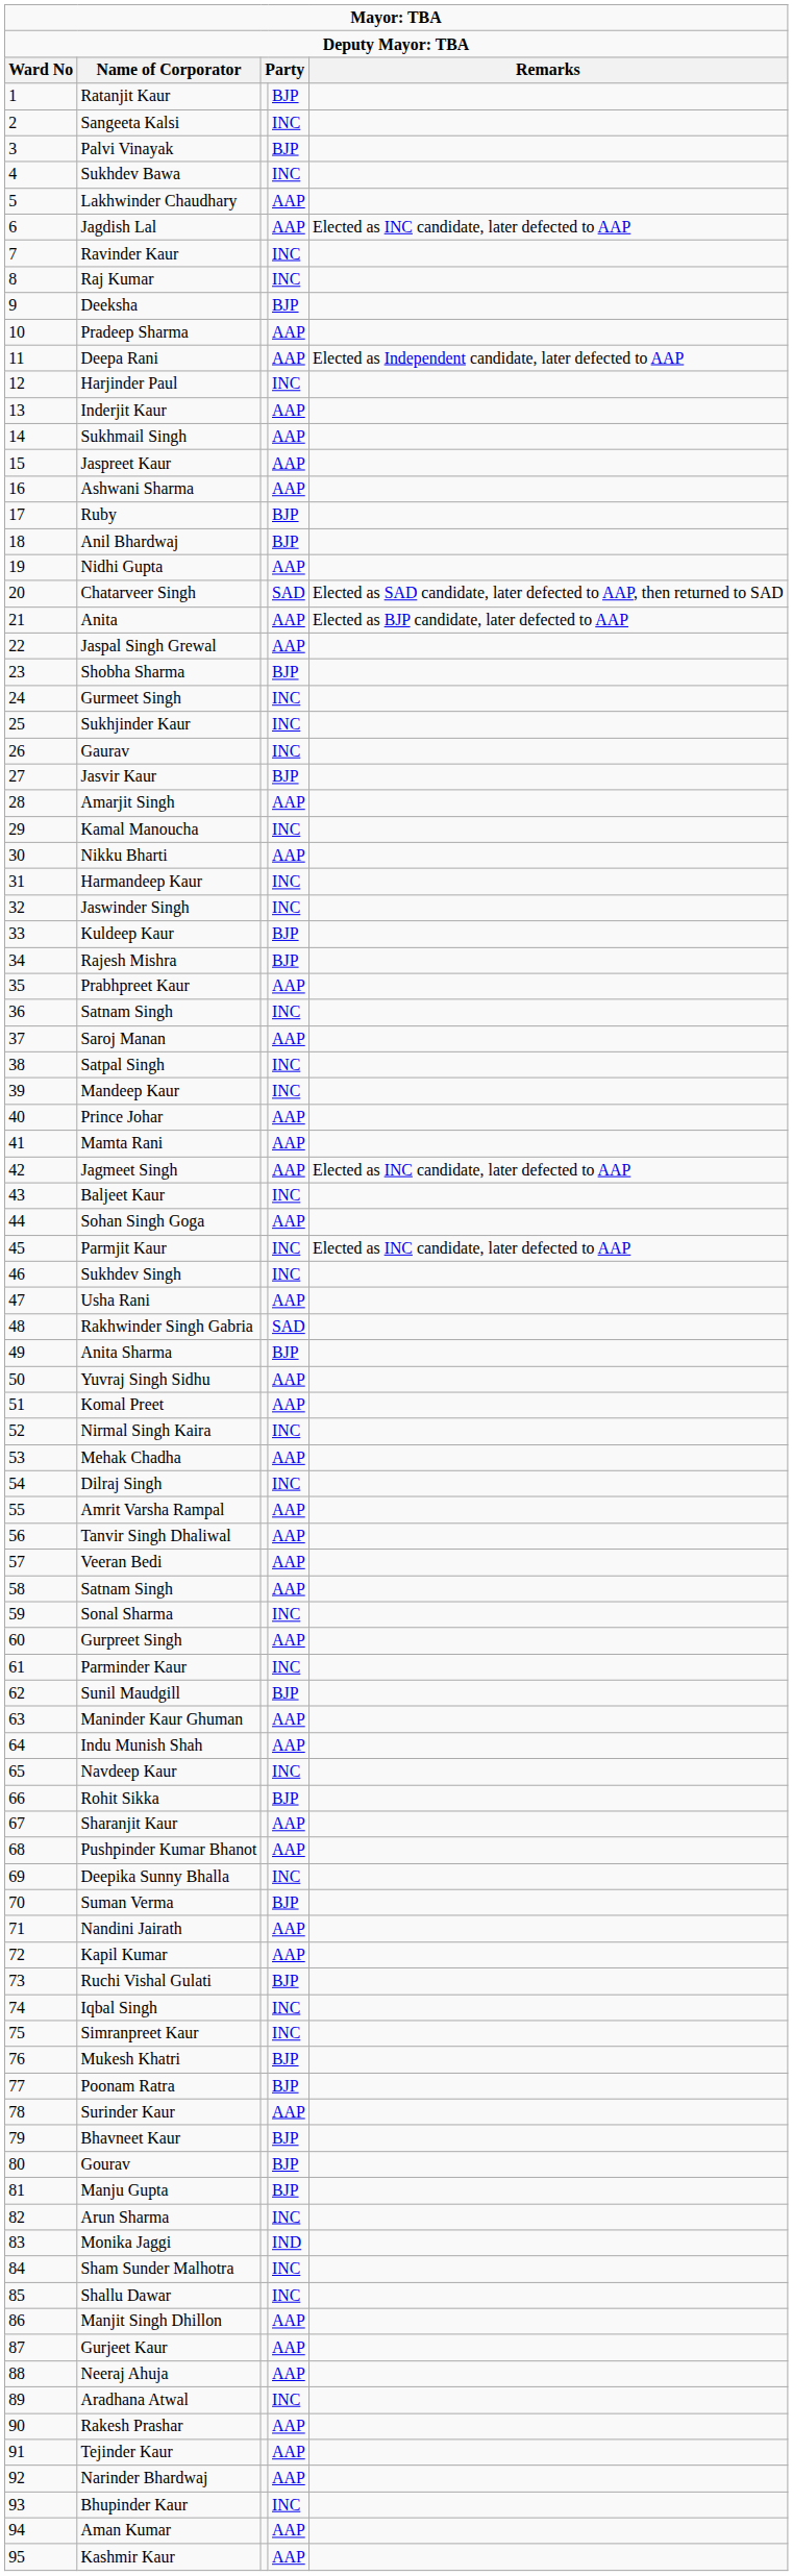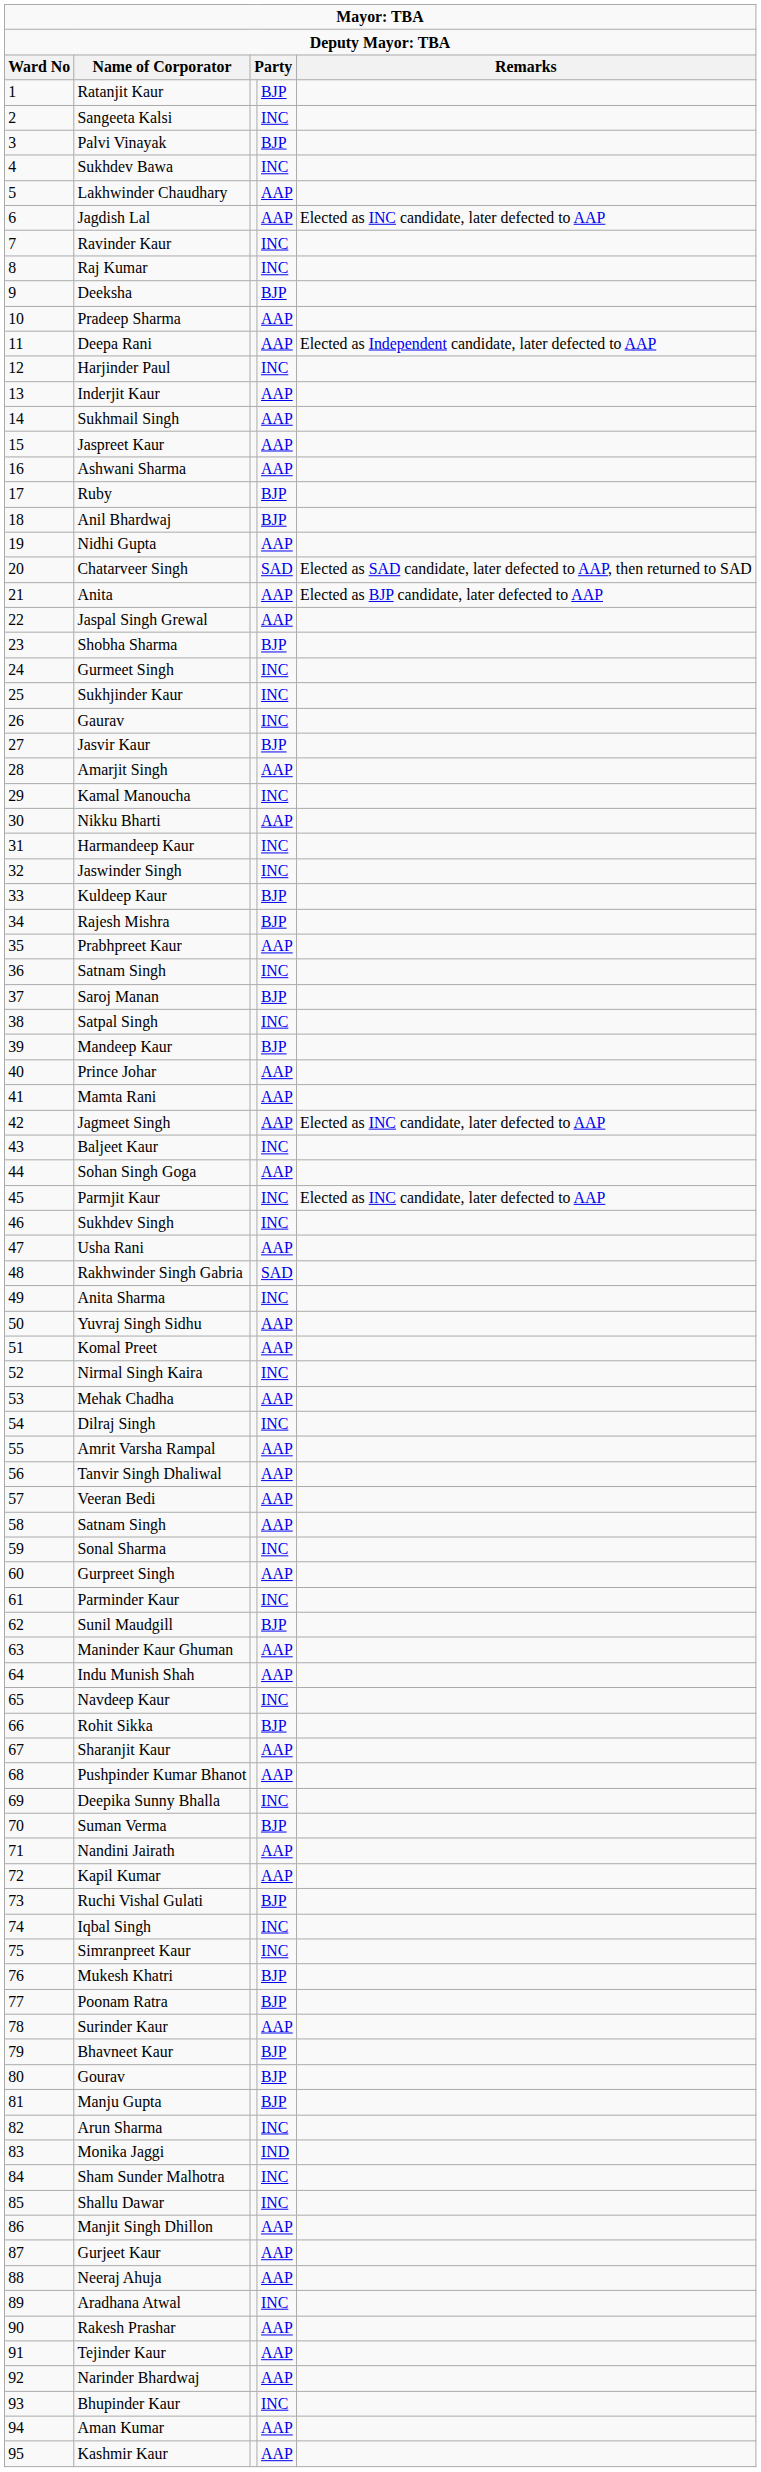 <table class="wikitable">
 <tr>
 <td colspan=6 align=center><span><strong>Mayor: TBA</strong></span></td>
 </tr>
 <tr>
 <td colspan=6 align=center><span><strong>Deputy Mayor: TBA</strong></span></td>
 </tr>
 <tr>
 <th>Ward No</th>
 <th>Name of Corporator</th>
 <th colspan="2">Party</th>
 <th>Remarks</th>
 </tr>
 <tr>
 <td>1</td>
 <td>Ratanjit Kaur</td>
 <td style="background-color: "></td>
 <td><a href='#'>BJP</a></td>
 <td></td>
 </tr>
 <tr>
 <td>2</td>
 <td>Sangeeta Kalsi</td>
 <td style="background-color: "></td>
 <td><a href='#'>INC</a></td>
 <td></td>
 </tr>
 <tr>
 <td>3</td>
 <td>Palvi Vinayak</td>
 <td style="background-color: "></td>
 <td><a href='#'>BJP</a></td>
 <td></td>
 </tr>
 <tr>
 <td>4</td>
 <td>Sukhdev Bawa</td>
 <td style="background-color: "></td>
 <td><a href='#'>INC</a></td>
 <td></td>
 </tr>
 <tr>
 <td>5</td>
 <td>Lakhwinder Chaudhary</td>
 <td style="background-color: "></td>
 <td><a href='#'>AAP</a></td>
 <td></td>
 </tr>
 <tr>
 <td>6</td>
 <td>Jagdish Lal</td>
 <td style="background-color: "></td>
 <td><a href='#'>AAP</a></td>
 <td>Elected as <a href='#'>INC</a> candidate, later defected to <a href='#'>AAP</a></td>
 </tr>
 <tr>
 <td>7</td>
 <td>Ravinder Kaur</td>
 <td style="background-color: "></td>
 <td><a href='#'>INC</a></td>
 <td></td>
 </tr>
 <tr>
 <td>8</td>
 <td>Raj Kumar</td>
 <td style="background-color: "></td>
 <td><a href='#'>INC</a></td>
 <td></td>
 </tr>
 <tr>
 <td>9</td>
 <td>Deeksha</td>
 <td style="background-color: "></td>
 <td><a href='#'>BJP</a></td>
 <td></td>
 </tr>
 <tr>
 <td>10</td>
 <td>Pradeep Sharma</td>
 <td style="background-color: "></td>
 <td><a href='#'>AAP</a></td>
 <td></td>
 </tr>
 <tr>
 <td>11</td>
 <td>Deepa Rani</td>
 <td style="background-color: "></td>
 <td><a href='#'>AAP</a></td>
 <td>Elected as <a href='#'>Independent</a> candidate, later defected to <a href='#'>AAP</a></td>
 </tr>
 <tr>
 <td>12</td>
 <td>Harjinder Paul</td>
 <td style="background-color: "></td>
 <td><a href='#'>INC</a></td>
 <td></td>
 </tr>
 <tr>
 <td>13</td>
 <td>Inderjit Kaur</td>
 <td style="background-color: "></td>
 <td><a href='#'>AAP</a></td>
 <td></td>
 </tr>
 <tr>
 <td>14</td>
 <td>Sukhmail Singh</td>
 <td style="background-color: "></td>
 <td><a href='#'>AAP</a></td>
 <td></td>
 </tr>
 <tr>
 <td>15</td>
 <td>Jaspreet Kaur</td>
 <td style="background-color: "></td>
 <td><a href='#'>AAP</a></td>
 <td></td>
 </tr>
 <tr>
 <td>16</td>
 <td>Ashwani Sharma</td>
 <td style="background-color: "></td>
 <td><a href='#'>AAP</a></td>
 <td></td>
 </tr>
 <tr>
 <td>17</td>
 <td>Ruby</td>
 <td style="background-color: "></td>
 <td><a href='#'>BJP</a></td>
 <td></td>
 </tr>
 <tr>
 <td>18</td>
 <td>Anil Bhardwaj</td>
 <td style="background-color: "></td>
 <td><a href='#'>BJP</a></td>
 <td></td>
 </tr>
 <tr>
 <td>19</td>
 <td>Nidhi Gupta</td>
 <td style="background-color: "></td>
 <td><a href='#'>AAP</a></td>
 <td></td>
 </tr>
 <tr>
 <td>20</td>
 <td>Chatarveer Singh</td>
 <td style="background-color: "></td>
 <td><a href='#'>SAD</a></td>
 <td>Elected as <a href='#'>SAD</a> candidate, later defected to <a href='#'>AAP</a>, then returned to SAD</td>
 </tr>
 <tr>
 <td>21</td>
 <td>Anita</td>
 <td style="background-color: "></td>
 <td><a href='#'>AAP</a></td>
 <td>Elected as <a href='#'>BJP</a> candidate, later defected to <a href='#'>AAP</a></td>
 </tr>
 <tr>
 <td>22</td>
 <td>Jaspal Singh Grewal</td>
 <td style="background-color: "></td>
 <td><a href='#'>AAP</a></td>
 <td></td>
 </tr>
 <tr>
 <td>23</td>
 <td>Shobha Sharma</td>
 <td style="background-color: "></td>
 <td><a href='#'>BJP</a></td>
 <td></td>
 </tr>
 <tr>
 <td>24</td>
 <td>Gurmeet Singh</td>
 <td style="background-color: "></td>
 <td><a href='#'>INC</a></td>
 <td></td>
 </tr>
 <tr>
 <td>25</td>
 <td>Sukhjinder Kaur</td>
 <td style="background-color: "></td>
 <td><a href='#'>INC</a></td>
 <td></td>
 </tr>
 <tr>
 <td>26</td>
 <td>Gaurav</td>
 <td style="background-color: "></td>
 <td><a href='#'>INC</a></td>
 <td></td>
 </tr>
 <tr>
 <td>27</td>
 <td>Jasvir Kaur</td>
 <td style="background-color: "></td>
 <td><a href='#'>BJP</a></td>
 <td></td>
 </tr>
 <tr>
 <td>28</td>
 <td>Amarjit Singh</td>
 <td style="background-color: "></td>
 <td><a href='#'>AAP</a></td>
 <td></td>
 </tr>
 <tr>
 <td>29</td>
 <td>Kamal Manoucha</td>
 <td style="background-color: "></td>
 <td><a href='#'>INC</a></td>
 <td></td>
 </tr>
 <tr>
 <td>30</td>
 <td>Nikku Bharti</td>
 <td style="background-color: "></td>
 <td><a href='#'>AAP</a></td>
 <td></td>
 </tr>
 <tr>
 <td>31</td>
 <td>Harmandeep Kaur</td>
 <td style="background-color: "></td>
 <td><a href='#'>INC</a></td>
 <td></td>
 </tr>
 <tr>
 <td>32</td>
 <td>Jaswinder Singh</td>
 <td style="background-color: "></td>
 <td><a href='#'>INC</a></td>
 <td></td>
 </tr>
 <tr>
 <td>33</td>
 <td>Kuldeep Kaur</td>
 <td style="background-color: "></td>
 <td><a href='#'>BJP</a></td>
 <td></td>
 </tr>
 <tr>
 <td>34</td>
 <td>Rajesh Mishra</td>
 <td style="background-color: "></td>
 <td><a href='#'>BJP</a></td>
 <td></td>
 </tr>
 <tr>
 <td>35</td>
 <td>Prabhpreet Kaur</td>
 <td style="background-color: "></td>
 <td><a href='#'>AAP</a></td>
 <td></td>
 </tr>
 <tr>
 <td>36</td>
 <td>Satnam Singh</td>
 <td style="background-color: "></td>
 <td><a href='#'>INC</a></td>
 <td></td>
 </tr>
 <tr>
 <td>37</td>
 <td>Saroj Manan</td>
 <td style="background-color: "></td>
-<td><a href='#'>AAP</a></td>
+<td><a href='#'>BJP</a></td>
 <td></td>
 </tr>
 <tr>
 <td>38</td>
 <td>Satpal Singh</td>
 <td style="background-color: "></td>
 <td><a href='#'>INC</a></td>
 <td></td>
 </tr>
 <tr>
 <td>39</td>
 <td>Mandeep Kaur</td>
 <td style="background-color: "></td>
-<td><a href='#'>INC</a></td>
+<td><a href='#'>BJP</a></td>
 <td></td>
 </tr>
 <tr>
 <td>40</td>
 <td>Prince Johar</td>
 <td style="background-color: "></td>
 <td><a href='#'>AAP</a></td>
 <td></td>
 </tr>
 <tr>
 <td>41</td>
 <td>Mamta Rani</td>
 <td style="background-color: "></td>
 <td><a href='#'>AAP</a></td>
 <td></td>
 </tr>
 <tr>
 <td>42</td>
 <td>Jagmeet Singh</td>
 <td style="background-color: "></td>
 <td><a href='#'>AAP</a></td>
 <td>Elected as <a href='#'>INC</a> candidate, later defected to <a href='#'>AAP</a></td>
 </tr>
 <tr>
 <td>43</td>
 <td>Baljeet Kaur</td>
 <td style="background-color: "></td>
 <td><a href='#'>INC</a></td>
 <td></td>
 </tr>
 <tr>
 <td>44</td>
 <td>Sohan Singh Goga</td>
 <td style="background-color: "></td>
 <td><a href='#'>AAP</a></td>
 <td></td>
 </tr>
 <tr>
 <td>45</td>
 <td>Parmjit Kaur</td>
 <td style="background-color: "></td>
 <td><a href='#'>INC</a></td>
 <td>Elected as <a href='#'>INC</a> candidate, later defected to <a href='#'>AAP</a></td>
 </tr>
 <tr>
 <td>46</td>
 <td>Sukhdev Singh</td>
 <td style="background-color: "></td>
 <td><a href='#'>INC</a></td>
 <td></td>
 </tr>
 <tr>
 <td>47</td>
 <td>Usha Rani</td>
 <td style="background-color: "></td>
 <td><a href='#'>AAP</a></td>
 <td></td>
 </tr>
 <tr>
 <td>48</td>
 <td>Rakhwinder Singh Gabria</td>
 <td style="background-color: "></td>
 <td><a href='#'>SAD</a></td>
 <td></td>
 </tr>
 <tr>
 <td>49</td>
 <td>Anita Sharma</td>
 <td style="background-color: "></td>
-<td><a href='#'>BJP</a></td>
+<td><a href='#'>INC</a></td>
 <td></td>
 </tr>
 <tr>
 <td>50</td>
 <td>Yuvraj Singh Sidhu</td>
 <td style="background-color: "></td>
 <td><a href='#'>AAP</a></td>
 <td></td>
 </tr>
 <tr>
 <td>51</td>
 <td>Komal Preet</td>
 <td style="background-color: "></td>
 <td><a href='#'>AAP</a></td>
 <td></td>
 </tr>
 <tr>
 <td>52</td>
 <td>Nirmal Singh Kaira</td>
 <td style="background-color: "></td>
 <td><a href='#'>INC</a></td>
 <td></td>
 </tr>
 <tr>
 <td>53</td>
 <td>Mehak Chadha</td>
 <td style="background-color: "></td>
 <td><a href='#'>AAP</a></td>
 <td></td>
 </tr>
 <tr>
 <td>54</td>
 <td>Dilraj Singh</td>
 <td style="background-color: "></td>
 <td><a href='#'>INC</a></td>
 <td></td>
 </tr>
 <tr>
 <td>55</td>
 <td>Amrit Varsha Rampal</td>
 <td style="background-color: "></td>
 <td><a href='#'>AAP</a></td>
 <td></td>
 </tr>
 <tr>
 <td>56</td>
 <td>Tanvir Singh Dhaliwal</td>
 <td style="background-color: "></td>
 <td><a href='#'>AAP</a></td>
 <td></td>
 </tr>
 <tr>
 <td>57</td>
 <td>Veeran Bedi</td>
 <td style="background-color: "></td>
 <td><a href='#'>AAP</a></td>
 <td></td>
 </tr>
 <tr>
 <td>58</td>
 <td>Satnam Singh</td>
 <td style="background-color: "></td>
 <td><a href='#'>AAP</a></td>
 <td></td>
 </tr>
 <tr>
 <td>59</td>
 <td>Sonal Sharma</td>
 <td style="background-color: "></td>
 <td><a href='#'>INC</a></td>
 <td></td>
 </tr>
 <tr>
 <td>60</td>
 <td>Gurpreet Singh</td>
 <td style="background-color: "></td>
 <td><a href='#'>AAP</a></td>
 <td></td>
 </tr>
 <tr>
 <td>61</td>
 <td>Parminder Kaur</td>
 <td style="background-color: "></td>
 <td><a href='#'>INC</a></td>
 <td></td>
 </tr>
 <tr>
 <td>62</td>
 <td>Sunil Maudgill</td>
 <td style="background-color: "></td>
 <td><a href='#'>BJP</a></td>
 <td></td>
 </tr>
 <tr>
 <td>63</td>
 <td>Maninder Kaur Ghuman</td>
 <td style="background-color: "></td>
 <td><a href='#'>AAP</a></td>
 <td></td>
 </tr>
 <tr>
 <td>64</td>
 <td>Indu Munish Shah</td>
 <td style="background-color: "></td>
 <td><a href='#'>AAP</a></td>
 <td></td>
 </tr>
 <tr>
 <td>65</td>
 <td>Navdeep Kaur</td>
 <td style="background-color: "></td>
 <td><a href='#'>INC</a></td>
 <td></td>
 </tr>
 <tr>
 <td>66</td>
 <td>Rohit Sikka</td>
 <td style="background-color: "></td>
 <td><a href='#'>BJP</a></td>
 <td></td>
 </tr>
 <tr>
 <td>67</td>
 <td>Sharanjit Kaur</td>
 <td style="background-color: "></td>
 <td><a href='#'>AAP</a></td>
 <td></td>
 </tr>
 <tr>
 <td>68</td>
 <td>Pushpinder Kumar Bhanot</td>
 <td style="background-color: "></td>
 <td><a href='#'>AAP</a></td>
 <td></td>
 </tr>
 <tr>
 <td>69</td>
 <td>Deepika Sunny Bhalla</td>
 <td style="background-color: "></td>
 <td><a href='#'>INC</a></td>
 <td></td>
 </tr>
 <tr>
 <td>70</td>
 <td>Suman Verma</td>
 <td style="background-color: "></td>
 <td><a href='#'>BJP</a></td>
 <td></td>
 </tr>
 <tr>
 <td>71</td>
 <td>Nandini Jairath</td>
 <td style="background-color: "></td>
 <td><a href='#'>AAP</a></td>
 <td></td>
 </tr>
 <tr>
 <td>72</td>
 <td>Kapil Kumar</td>
 <td style="background-color: "></td>
 <td><a href='#'>AAP</a></td>
 <td></td>
 </tr>
 <tr>
 <td>73</td>
 <td>Ruchi Vishal Gulati</td>
 <td style="background-color: "></td>
 <td><a href='#'>BJP</a></td>
 <td></td>
 </tr>
 <tr>
 <td>74</td>
 <td>Iqbal Singh</td>
 <td style="background-color: "></td>
 <td><a href='#'>INC</a></td>
 <td></td>
 </tr>
 <tr>
 <td>75</td>
 <td>Simranpreet Kaur</td>
 <td style="background-color: "></td>
 <td><a href='#'>INC</a></td>
 <td></td>
 </tr>
 <tr>
 <td>76</td>
 <td>Mukesh Khatri</td>
 <td style="background-color: "></td>
 <td><a href='#'>BJP</a></td>
 <td></td>
 </tr>
 <tr>
 <td>77</td>
 <td>Poonam Ratra</td>
 <td style="background-color: "></td>
 <td><a href='#'>BJP</a></td>
 <td></td>
 </tr>
 <tr>
 <td>78</td>
 <td>Surinder Kaur</td>
 <td style="background-color: "></td>
 <td><a href='#'>AAP</a></td>
 <td></td>
 </tr>
 <tr>
 <td>79</td>
 <td>Bhavneet Kaur</td>
 <td style="background-color: "></td>
 <td><a href='#'>BJP</a></td>
 <td></td>
 </tr>
 <tr>
 <td>80</td>
 <td>Gourav</td>
 <td style="background-color: "></td>
 <td><a href='#'>BJP</a></td>
 <td></td>
 </tr>
 <tr>
 <td>81</td>
 <td>Manju Gupta</td>
 <td style="background-color: "></td>
 <td><a href='#'>BJP</a></td>
 <td></td>
 </tr>
 <tr>
 <td>82</td>
 <td>Arun Sharma</td>
 <td style="background-color: "></td>
 <td><a href='#'>INC</a></td>
 <td></td>
 </tr>
 <tr>
 <td>83</td>
 <td>Monika Jaggi</td>
 <td style="background-color: "></td>
 <td><a href='#'>IND</a></td>
 <td></td>
 </tr>
 <tr>
 <td>84</td>
 <td>Sham Sunder Malhotra</td>
 <td style="background-color: "></td>
 <td><a href='#'>INC</a></td>
 <td></td>
 </tr>
 <tr>
 <td>85</td>
 <td>Shallu Dawar</td>
 <td style="background-color: "></td>
 <td><a href='#'>INC</a></td>
 <td></td>
 </tr>
 <tr>
 <td>86</td>
 <td>Manjit Singh Dhillon</td>
 <td style="background-color: "></td>
 <td><a href='#'>AAP</a></td>
 <td></td>
 </tr>
 <tr>
 <td>87</td>
 <td>Gurjeet Kaur</td>
 <td style="background-color: "></td>
 <td><a href='#'>AAP</a></td>
 <td></td>
 </tr>
 <tr>
 <td>88</td>
 <td>Neeraj Ahuja</td>
 <td style="background-color: "></td>
 <td><a href='#'>AAP</a></td>
 <td></td>
 </tr>
 <tr>
 <td>89</td>
 <td>Aradhana Atwal</td>
 <td style="background-color: "></td>
 <td><a href='#'>INC</a></td>
 <td></td>
 </tr>
 <tr>
 <td>90</td>
 <td>Rakesh Prashar</td>
 <td style="background-color: "></td>
 <td><a href='#'>AAP</a></td>
 <td></td>
 </tr>
 <tr>
 <td>91</td>
 <td>Tejinder Kaur</td>
 <td style="background-color: "></td>
 <td><a href='#'>AAP</a></td>
 <td></td>
 </tr>
 <tr>
 <td>92</td>
 <td>Narinder Bhardwaj</td>
 <td style="background-color: "></td>
 <td><a href='#'>AAP</a></td>
 <td></td>
 </tr>
 <tr>
 <td>93</td>
 <td>Bhupinder Kaur</td>
 <td style="background-color: "></td>
 <td><a href='#'>INC</a></td>
 <td></td>
 </tr>
 <tr>
 <td>94</td>
 <td>Aman Kumar</td>
 <td style="background-color: "></td>
 <td><a href='#'>AAP</a></td>
 <td></td>
 </tr>
 <tr>
 <td>95</td>
 <td>Kashmir Kaur</td>
 <td style="background-color: "></td>
 <td><a href='#'>AAP</a></td>
 <td></td>
 </tr>
 </table>
